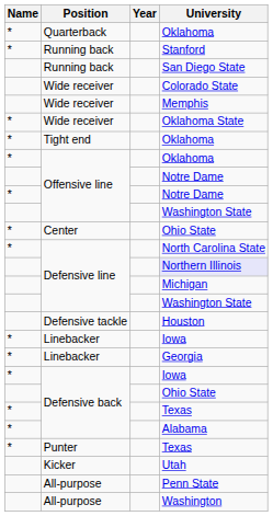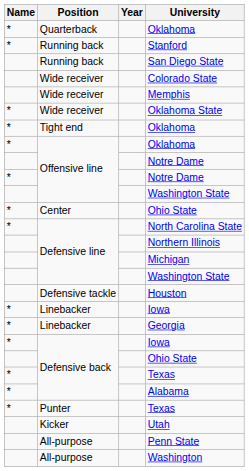 <table class="wikitable sortable">
 <tr>
 <th>Name</th>
 <th>Position</th>
 <th>Year</th>
 <th>University</th>
 </tr>
 <tr>
 <td>*</td>
 <td>Quarterback</td>
 <td></td>
 <td><a href='#'>Oklahoma</a></td>
 </tr>
 <tr>
 <td>*</td>
 <td>Running back</td>
 <td></td>
 <td><a href='#'>Stanford</a></td>
 </tr>
 <tr>
 <td></td>
 <td>Running back</td>
 <td></td>
 <td><a href='#'>San Diego State</a></td>
 </tr>
 <tr>
 <td></td>
 <td>Wide receiver</td>
 <td></td>
 <td><a href='#'>Colorado State</a></td>
 </tr>
 <tr>
 <td></td>
 <td>Wide receiver</td>
 <td></td>
 <td><a href='#'>Memphis</a></td>
 </tr>
 <tr>
 <td>*</td>
 <td>Wide receiver</td>
 <td></td>
 <td><a href='#'>Oklahoma State</a></td>
 </tr>
 <tr>
 <td>*</td>
 <td>Tight end</td>
 <td></td>
 <td><a href='#'>Oklahoma</a></td>
 </tr>
 <tr>
 <td>*</td>
 <td rowspan=4>Offensive line</td>
 <td></td>
 <td><a href='#'>Oklahoma</a></td>
 </tr>
 <tr>
 <td></td>
 <td></td>
 <td><a href='#'>Notre Dame</a></td>
 </tr>
 <tr>
 <td>*</td>
 <td></td>
 <td><a href='#'>Notre Dame</a></td>
 </tr>
 <tr>
 <td></td>
 <td></td>
 <td><a href='#'>Washington State</a></td>
 </tr>
 <tr>
 <td>*</td>
 <td>Center</td>
 <td></td>
 <td><a href='#'>Ohio State</a></td>
 </tr>
 <tr>
 <td>*</td>
 <td rowspan=4>Defensive line</td>
 <td></td>
 <td><a href='#'>North Carolina State</a></td>
 </tr>
 <tr>
 <td></td>
 <td></td>
-<td style="background: lavender;"><a href='#'>Northern Illinois</a></td>
+<td><a href='#'>Northern Illinois</a></td>
 </tr>
 <tr>
 <td></td>
 <td></td>
 <td><a href='#'>Michigan</a></td>
 </tr>
 <tr>
 <td></td>
 <td></td>
 <td><a href='#'>Washington State</a></td>
 </tr>
 <tr>
 <td></td>
 <td>Defensive tackle</td>
 <td></td>
 <td><a href='#'>Houston</a></td>
 </tr>
 <tr>
 <td>*</td>
 <td>Linebacker</td>
 <td></td>
 <td><a href='#'>Iowa</a></td>
 </tr>
 <tr>
 <td>*</td>
 <td>Linebacker</td>
 <td></td>
 <td><a href='#'>Georgia</a></td>
 </tr>
 <tr>
 <td>*</td>
 <td rowspan=4>Defensive back</td>
 <td></td>
 <td><a href='#'>Iowa</a></td>
 </tr>
 <tr>
 <td></td>
 <td></td>
 <td><a href='#'>Ohio State</a></td>
 </tr>
 <tr>
 <td>*</td>
 <td></td>
 <td><a href='#'>Texas</a></td>
 </tr>
 <tr>
 <td>*</td>
 <td></td>
 <td><a href='#'>Alabama</a></td>
 </tr>
 <tr>
 <td>*</td>
 <td>Punter</td>
 <td></td>
 <td><a href='#'>Texas</a></td>
 </tr>
 <tr>
 <td></td>
 <td>Kicker</td>
 <td></td>
 <td><a href='#'>Utah</a></td>
 </tr>
 <tr>
 <td></td>
 <td>All-purpose</td>
 <td></td>
 <td><a href='#'>Penn State</a></td>
 </tr>
 <tr>
 <td></td>
 <td>All-purpose</td>
 <td></td>
 <td><a href='#'>Washington</a></td>
 </tr>
 </table>
